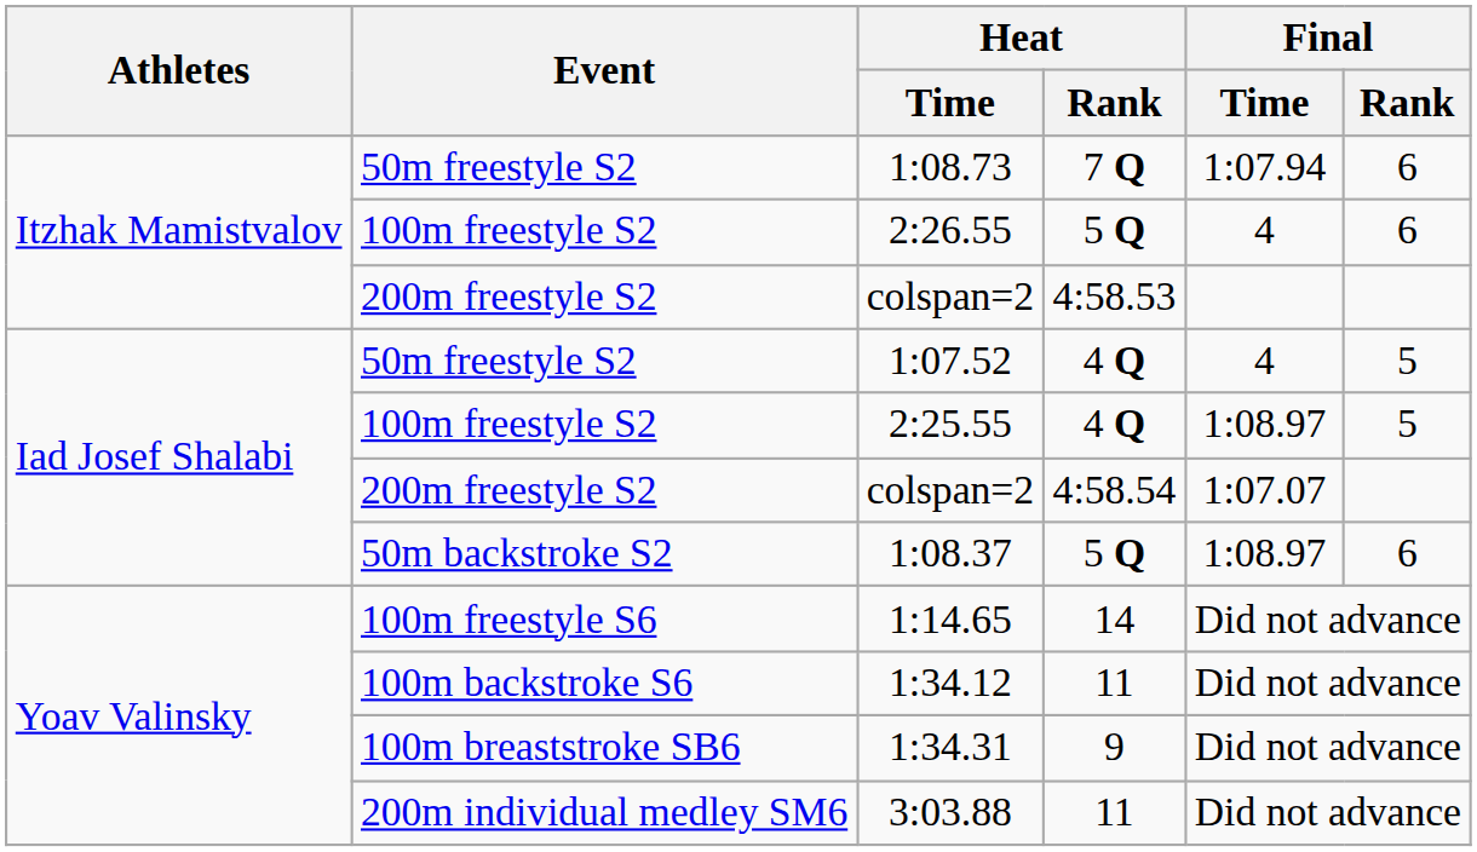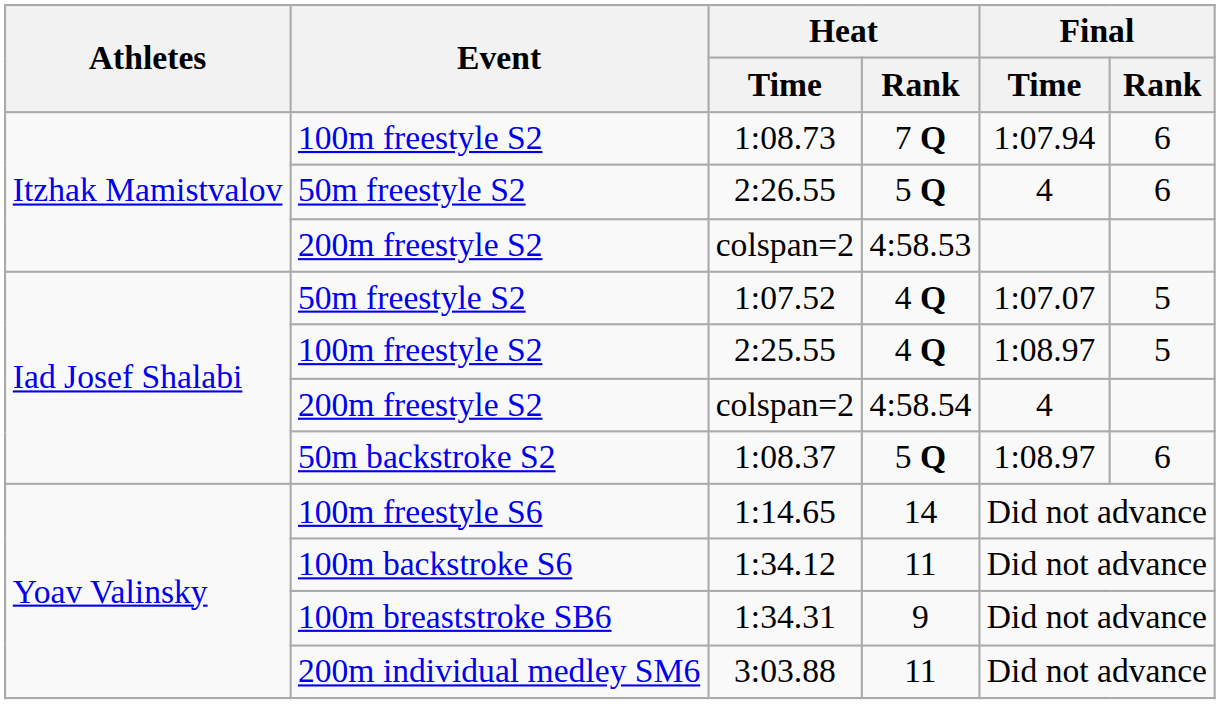 <table class=wikitable>
 <tr>
 <th rowspan="2">Athletes</th>
 <th rowspan="2">Event</th>
 <th colspan="2">Heat</th>
 <th colspan="2">Final</th>
 </tr>
 <tr>
 <th>Time</th>
 <th>Rank</th>
 <th>Time</th>
 <th>Rank</th>
 </tr>
 <tr align=center>
 <td align=left rowspan=3><a href='#'>Itzhak Mamistvalov</a></td>
-<td align=left><a href='#'>50m freestyle S2</a></td>
+<td align=left><a href='#'>100m freestyle S2</a></td>
 <td>1:08.73</td>
 <td>7 <strong>Q</strong></td>
 <td>1:07.94</td>
 <td>6</td>
 </tr>
 <tr align=center>
-<td align=left><a href='#'>100m freestyle S2</a></td>
+<td align=left><a href='#'>50m freestyle S2</a></td>
 <td>2:26.55</td>
 <td>5 <strong>Q</strong></td>
 <td>4</td>
 <td>6</td>
 </tr>
 <tr align=center>
 <td align=left><a href='#'>200m freestyle S2</a></td>
 <td>colspan=2 </td>
 <td>4:58.53</td>
 <td></td>
 </tr>
 <tr align=center>
 <td align=left rowspan=4><a href='#'>Iad Josef Shalabi</a></td>
 <td align=left><a href='#'>50m freestyle S2</a></td>
 <td>1:07.52</td>
 <td>4 <strong>Q</strong></td>
-<td>4</td>
+<td>1:07.07</td>
 <td>5</td>
 </tr>
 <tr align=center>
 <td align=left><a href='#'>100m freestyle S2</a></td>
 <td>2:25.55</td>
 <td>4 <strong>Q</strong></td>
 <td>1:08.97</td>
 <td>5</td>
 </tr>
 <tr align=center>
 <td align=left><a href='#'>200m freestyle S2</a></td>
 <td>colspan=2 </td>
 <td>4:58.54</td>
-<td>1:07.07</td>
+<td>4</td>
 </tr>
 <tr align=center>
 <td align=left><a href='#'>50m backstroke S2</a></td>
 <td>1:08.37</td>
 <td>5 <strong>Q</strong></td>
 <td>1:08.97</td>
 <td>6</td>
 </tr>
 <tr align=center>
 <td align=left rowspan=4><a href='#'>Yoav Valinsky</a></td>
 <td align=left><a href='#'>100m freestyle S6</a></td>
 <td>1:14.65</td>
 <td>14</td>
 <td colspan=2 align=center>Did not advance</td>
 </tr>
 <tr align=center>
 <td align=left><a href='#'>100m backstroke S6</a></td>
 <td>1:34.12</td>
 <td>11</td>
 <td colspan=2 align=center>Did not advance</td>
 </tr>
 <tr align=center>
 <td align=left><a href='#'>100m breaststroke SB6</a></td>
 <td>1:34.31</td>
 <td>9</td>
 <td colspan=2 align=center>Did not advance</td>
 </tr>
 <tr align=center>
 <td align=left><a href='#'>200m individual medley SM6</a></td>
 <td>3:03.88</td>
 <td>11</td>
 <td colspan=2 align=center>Did not advance</td>
 </tr>
 </table>
